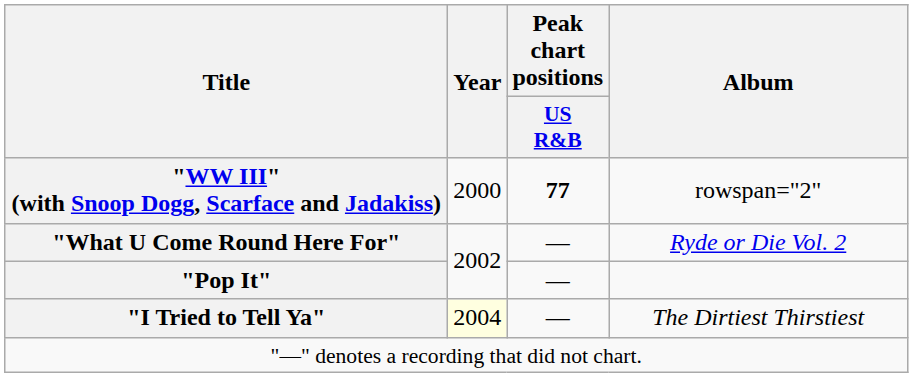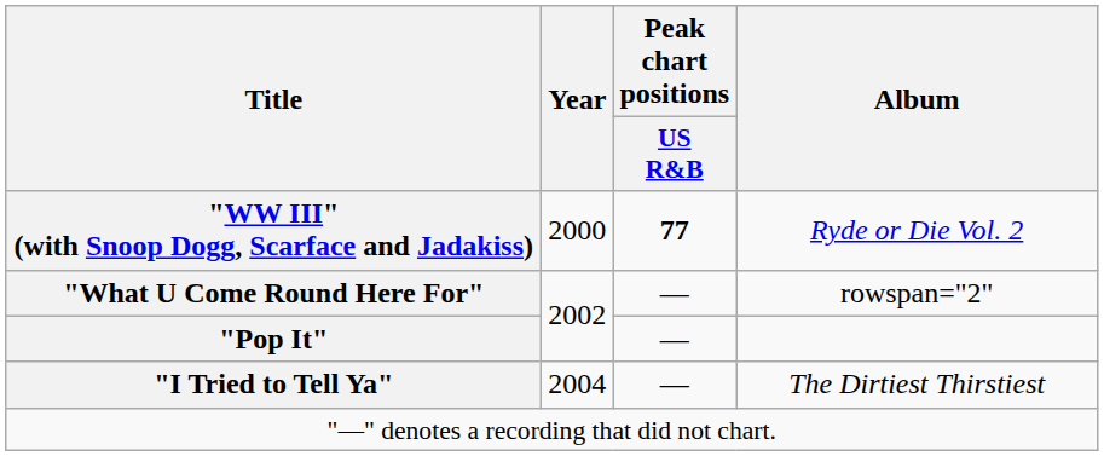 <table class="wikitable plainrowheaders" style="text-align:center;">
 <tr>
 <th scope="col" rowspan="2" style="width:18em;">Title</th>
 <th scope="col" rowspan="2" style="width:1em;">Year</th>
 <th scope="col" colspan="1">Peak chart positions</th>
 <th scope="col" rowspan="2" style="width:12em;">Album</th>
 </tr>
 <tr>
 <th scope="col" style="width:2.5em;font-size:90%;"><a href='#'>US<br>R&B</a><br></th>
 </tr>
 <tr>
 <th scope="row">"<a href='#'>WW III</a>"<br><span>(with <a href='#'>Snoop Dogg</a>, <a href='#'>Scarface</a> and <a href='#'>Jadakiss</a>)</span></th>
 <td>2000</td>
 <td><strong>77</strong></td>
-<td>rowspan="2" </td>
+<td><em><a href='#'>Ryde or Die Vol. 2</a></em></td>
 </tr>
 <tr>
 <th scope="row">"What U Come Round Here For"</th>
 <td rowspan="2">2002</td>
 <td>—</td>
-<td><em><a href='#'>Ryde or Die Vol. 2</a></em></td>
+<td>rowspan="2" </td>
 </tr>
 <tr>
 <th scope="row">"Pop It"</th>
 <td>—</td>
 </tr>
 <tr>
 <th scope="row">"I Tried to Tell Ya"</th>
-<td style="background: lightyellow;">2004</td>
+<td>2004</td>
 <td>—</td>
 <td><em>The Dirtiest Thirstiest</em></td>
 </tr>
 <tr>
 <td colspan="14" style="font-size:90%">"—" denotes a recording that did not chart.</td>
 </tr>
 </table>
